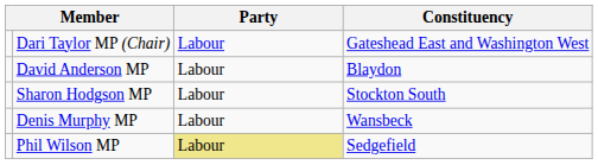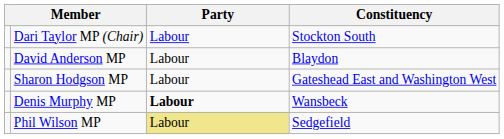 <table class="wikitable">
 <tr>
 <th width="160px" colspan="2">Member</th>
 <th width="160px" colspan="1">Party</th>
 <th width="160px" colspan="2">Constituency</th>
 </tr>
 <tr>
 <td style="color:inherit;background:"></td>
 <td><a href='#'>Dari Taylor</a> MP <em>(Chair)</em></td>
 <td><a href='#'>Labour</a></td>
-<td><a href='#'>Gateshead East and Washington West</a></td>
+<td><a href='#'>Stockton South</a></td>
 </tr>
 <tr>
 <td style="color:inherit;background:"></td>
 <td><a href='#'>David Anderson</a> MP</td>
 <td>Labour</td>
 <td><a href='#'>Blaydon</a></td>
 </tr>
 <tr>
 <td style="color:inherit;background:"></td>
 <td><a href='#'>Sharon Hodgson</a> MP</td>
 <td>Labour</td>
-<td><a href='#'>Stockton South</a></td>
+<td><a href='#'>Gateshead East and Washington West</a></td>
 </tr>
 <tr>
 <td style="color:inherit;background:"></td>
 <td><a href='#'>Denis Murphy</a> MP</td>
-<td>Labour</td>
+<td><strong>Labour</strong></td>
 <td><a href='#'>Wansbeck</a></td>
 </tr>
 <tr>
 <td style="color:inherit;background:"></td>
 <td><a href='#'>Phil Wilson</a> MP</td>
 <td style="background: khaki;">Labour</td>
 <td><a href='#'>Sedgefield</a></td>
 </tr>
 </table>
